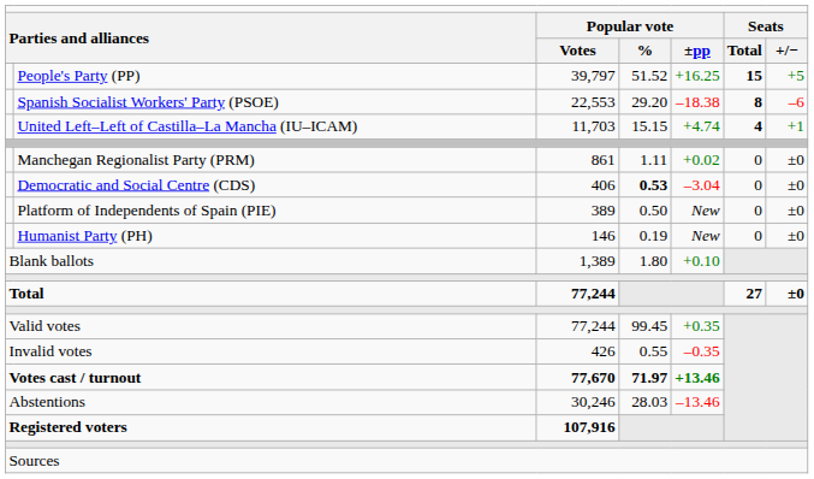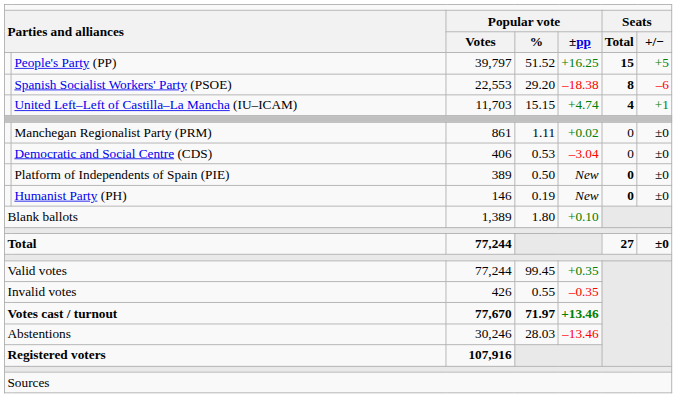 <table class="wikitable" style="text-align:right;">
 <tr>
 <td colspan="7"></td>
 </tr>
 <tr>
 <th style="text-align:left;" rowspan="2" colspan="2" width="525">Parties and alliances</th>
 <th colspan="3">Popular vote</th>
 <th colspan="2">Seats</th>
 </tr>
 <tr>
 <th width="75">Votes</th>
 <th width="45">%</th>
 <th width="45">±<a href='#'>pp</a></th>
 <th width="35">Total</th>
 <th width="35">+/−</th>
 </tr>
 <tr>
 <td width="1" style="color:inherit;background:"></td>
 <td align="left"><a href='#'>People's Party</a> (PP)</td>
 <td>39,797</td>
 <td>51.52</td>
 <td style="color:green;">+16.25</td>
 <td><strong>15</strong></td>
 <td style="color:green;">+5</td>
 </tr>
 <tr>
 <td style="color:inherit;background:"></td>
 <td align="left"><a href='#'>Spanish Socialist Workers' Party</a> (PSOE)</td>
 <td>22,553</td>
 <td>29.20</td>
 <td style="color:red;">–18.38</td>
 <td><strong>8</strong></td>
 <td style="color:red;">–6</td>
 </tr>
 <tr>
 <td style="color:inherit;background:"></td>
 <td align="left"><a href='#'>United Left–Left of Castilla–La Mancha</a> (IU–ICAM)</td>
 <td>11,703</td>
 <td>15.15</td>
 <td style="color:green;">+4.74</td>
 <td><strong>4</strong></td>
 <td style="color:green;">+1</td>
 </tr>
 <tr>
 <td colspan="7" bgcolor="#C0C0C0"></td>
 </tr>
 <tr>
 <td style="color:inherit;background:"></td>
 <td align="left">Manchegan Regionalist Party (PRM)</td>
 <td>861</td>
 <td>1.11</td>
 <td style="color:green;">+0.02</td>
 <td>0</td>
 <td>±0</td>
 </tr>
 <tr>
 <td style="color:inherit;background:"></td>
 <td align="left"><a href='#'>Democratic and Social Centre</a> (CDS)</td>
 <td>406</td>
-<td><strong>0.53</strong></td>
+<td>0.53</td>
 <td style="color:red;">–3.04</td>
 <td>0</td>
 <td>±0</td>
 </tr>
 <tr>
 <td style="color:inherit;background:"></td>
 <td align="left">Platform of Independents of Spain (PIE)</td>
 <td>389</td>
 <td>0.50</td>
 <td><em>New</em></td>
-<td>0</td>
+<td><strong>0</strong></td>
 <td>±0</td>
 </tr>
 <tr>
 <td style="color:inherit;background:"></td>
 <td align="left"><a href='#'>Humanist Party</a> (PH)</td>
 <td>146</td>
 <td>0.19</td>
 <td><em>New</em></td>
-<td>0</td>
+<td><strong>0</strong></td>
 <td>±0</td>
 </tr>
 <tr>
 <td align="left" colspan="2">Blank ballots</td>
 <td>1,389</td>
 <td>1.80</td>
 <td style="color:green;">+0.10</td>
 <td bgcolor="#E9E9E9" colspan="2"></td>
 </tr>
 <tr>
 <td colspan="7" bgcolor="#E9E9E9"></td>
 </tr>
 <tr style="font-weight:bold;">
 <td align="left" colspan="2">Total</td>
 <td>77,244</td>
 <td bgcolor="#E9E9E9" colspan="2"></td>
 <td>27</td>
 <td>±0</td>
 </tr>
 <tr>
 <td colspan="7" bgcolor="#E9E9E9"></td>
 </tr>
 <tr>
 <td align="left" colspan="2">Valid votes</td>
 <td>77,244</td>
 <td>99.45</td>
 <td style="color:green;">+0.35</td>
 <td bgcolor="#E9E9E9" colspan="2" rowspan="5"></td>
 </tr>
 <tr>
 <td align="left" colspan="2">Invalid votes</td>
 <td>426</td>
 <td>0.55</td>
 <td style="color:red;">–0.35</td>
 </tr>
 <tr style="font-weight:bold;">
 <td align="left" colspan="2">Votes cast / turnout</td>
 <td>77,670</td>
 <td>71.97</td>
 <td style="color:green;">+13.46</td>
 </tr>
 <tr>
 <td align="left" colspan="2">Abstentions</td>
 <td>30,246</td>
 <td>28.03</td>
 <td style="color:red;">–13.46</td>
 </tr>
 <tr style="font-weight:bold;">
 <td align="left" colspan="2">Registered voters</td>
 <td>107,916</td>
 <td bgcolor="#E9E9E9" colspan="2"></td>
 </tr>
 <tr>
 <td colspan="7" bgcolor="#E9E9E9"></td>
 </tr>
 <tr>
 <td align="left" colspan="7">Sources</td>
 </tr>
 </table>
